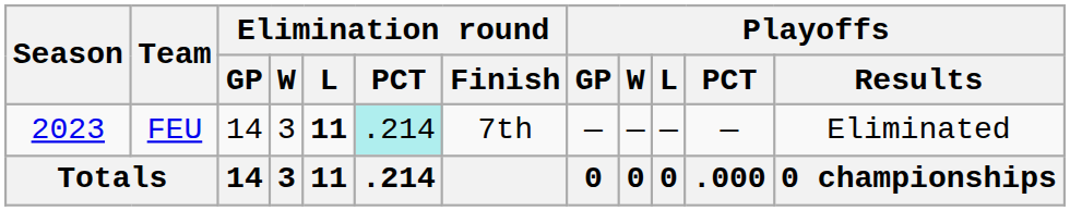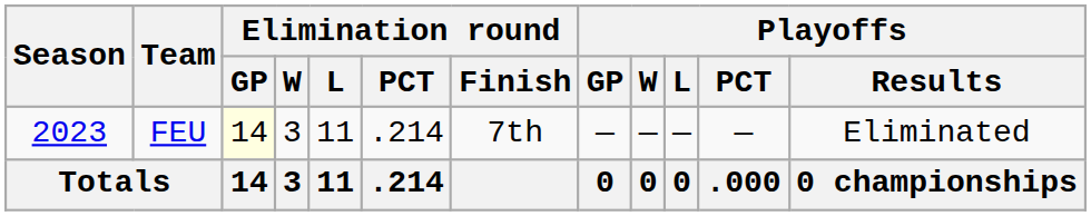 <table class=wikitable style="text-align:center">
 <tr>
 <th rowspan=2>Season</th>
 <th rowspan="2">Team</th>
 <th colspan="5">Elimination round</th>
 <th colspan="5">Playoffs</th>
 </tr>
 <tr>
 <th>GP</th>
 <th>W</th>
 <th>L</th>
 <th>PCT</th>
 <th>Finish</th>
 <th>GP</th>
 <th>W</th>
 <th>L</th>
 <th>PCT</th>
 <th>Results</th>
 </tr>
 <tr>
 <td><a href='#'>2023</a></td>
 <td><a href='#'>FEU</a></td>
-<td>14</td>
+<td style="background: lightyellow;">14</td>
 <td>3</td>
-<td><strong>11</strong></td>
-<td style="background: paleturquoise;">.214</td>
+<td>11</td>
+<td>.214</td>
 <td>7th</td>
 <td>—</td>
 <td>—</td>
 <td>—</td>
 <td>—</td>
 <td>Eliminated</td>
 </tr>
 <tr>
 <th colspan="2">Totals</th>
 <th>14</th>
 <th>3</th>
 <th>11</th>
 <th>.214</th>
 <th></th>
 <th>0</th>
 <th>0</th>
 <th>0</th>
 <th>.000</th>
 <th>0 championships</th>
 </tr>
 </table>
